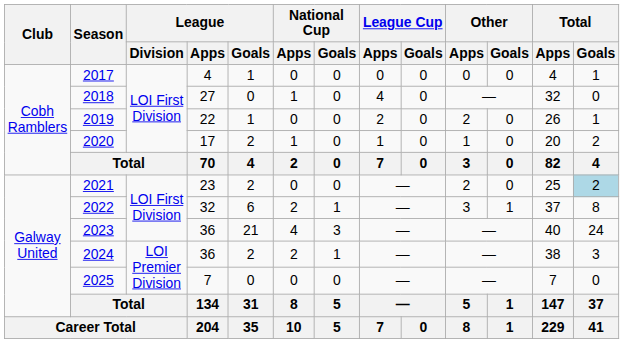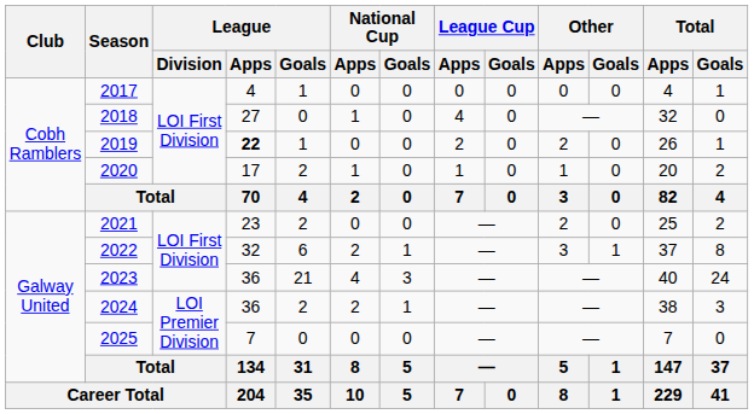 <table class=wikitable style="text-align: center">
 <tr>
 <th rowspan=2>Club</th>
 <th rowspan=2>Season</th>
 <th colspan=3>League</th>
 <th colspan=2>National Cup</th>
 <th colspan=2><a href='#'>League Cup</a></th>
 <th colspan=2>Other</th>
 <th colspan=2>Total</th>
 </tr>
 <tr>
 <th>Division</th>
 <th>Apps</th>
 <th>Goals</th>
 <th>Apps</th>
 <th>Goals</th>
 <th>Apps</th>
 <th>Goals</th>
 <th>Apps</th>
 <th>Goals</th>
 <th>Apps</th>
 <th>Goals</th>
 </tr>
 <tr>
 <td rowspan="5"><a href='#'>Cobh Ramblers</a></td>
 <td><a href='#'>2017</a></td>
 <td rowspan="4"><a href='#'>LOI First Division</a></td>
 <td>4</td>
 <td>1</td>
 <td>0</td>
 <td>0</td>
 <td>0</td>
 <td>0</td>
 <td>0</td>
 <td>0</td>
 <td>4</td>
 <td>1</td>
 </tr>
 <tr>
 <td><a href='#'>2018</a></td>
 <td>27</td>
 <td>0</td>
 <td>1</td>
 <td>0</td>
 <td>4</td>
 <td>0</td>
 <td colspan="2">—</td>
 <td>32</td>
 <td>0</td>
 </tr>
 <tr>
 <td><a href='#'>2019</a></td>
-<td>22</td>
+<td><strong>22</strong></td>
 <td>1</td>
 <td>0</td>
 <td>0</td>
 <td>2</td>
 <td>0</td>
 <td>2</td>
 <td>0</td>
 <td>26</td>
 <td>1</td>
 </tr>
 <tr>
 <td><a href='#'>2020</a></td>
 <td>17</td>
 <td>2</td>
 <td>1</td>
 <td>0</td>
 <td>1</td>
 <td>0</td>
 <td>1</td>
 <td>0</td>
 <td>20</td>
 <td>2</td>
 </tr>
 <tr>
 <th colspan="2">Total</th>
 <th>70</th>
 <th>4</th>
 <th>2</th>
 <th>0</th>
 <th>7</th>
 <th>0</th>
 <th>3</th>
 <th>0</th>
 <th>82</th>
 <th>4</th>
 </tr>
 <tr>
 <td rowspan="6"><a href='#'>Galway United</a></td>
 <td><a href='#'>2021</a></td>
 <td rowspan="3"><a href='#'>LOI First Division</a></td>
 <td>23</td>
 <td>2</td>
 <td>0</td>
 <td>0</td>
 <td colspan="2">—</td>
 <td>2</td>
 <td>0</td>
 <td>25</td>
-<td style="background: lightblue;">2</td>
+<td>2</td>
 </tr>
 <tr>
 <td><a href='#'>2022</a></td>
 <td>32</td>
 <td>6</td>
 <td>2</td>
 <td>1</td>
 <td colspan="2">—</td>
 <td>3</td>
 <td>1</td>
 <td>37</td>
 <td>8</td>
 </tr>
 <tr>
 <td><a href='#'>2023</a></td>
 <td>36</td>
 <td>21</td>
 <td>4</td>
 <td>3</td>
 <td colspan="2">—</td>
 <td colspan="2">—</td>
 <td>40</td>
 <td>24</td>
 </tr>
 <tr>
 <td><a href='#'>2024</a></td>
 <td rowspan="2"><a href='#'>LOI Premier Division</a></td>
 <td>36</td>
 <td>2</td>
 <td>2</td>
 <td>1</td>
 <td colspan="2">—</td>
 <td colspan="2">—</td>
 <td>38</td>
 <td>3</td>
 </tr>
 <tr>
 <td><a href='#'>2025</a></td>
 <td>7</td>
 <td>0</td>
 <td>0</td>
 <td>0</td>
 <td colspan="2">—</td>
 <td colspan="2">—</td>
 <td>7</td>
 <td>0</td>
 </tr>
 <tr>
 <th colspan="2">Total</th>
 <th>134</th>
 <th>31</th>
 <th>8</th>
 <th>5</th>
 <th colspan="2">—</th>
 <th>5</th>
 <th>1</th>
 <th>147</th>
 <th>37</th>
 </tr>
 <tr>
 <th colspan="3">Career Total</th>
 <th>204</th>
 <th>35</th>
 <th>10</th>
 <th>5</th>
 <th>7</th>
 <th>0</th>
 <th>8</th>
 <th>1</th>
 <th>229</th>
 <th>41</th>
 </tr>
 </table>
